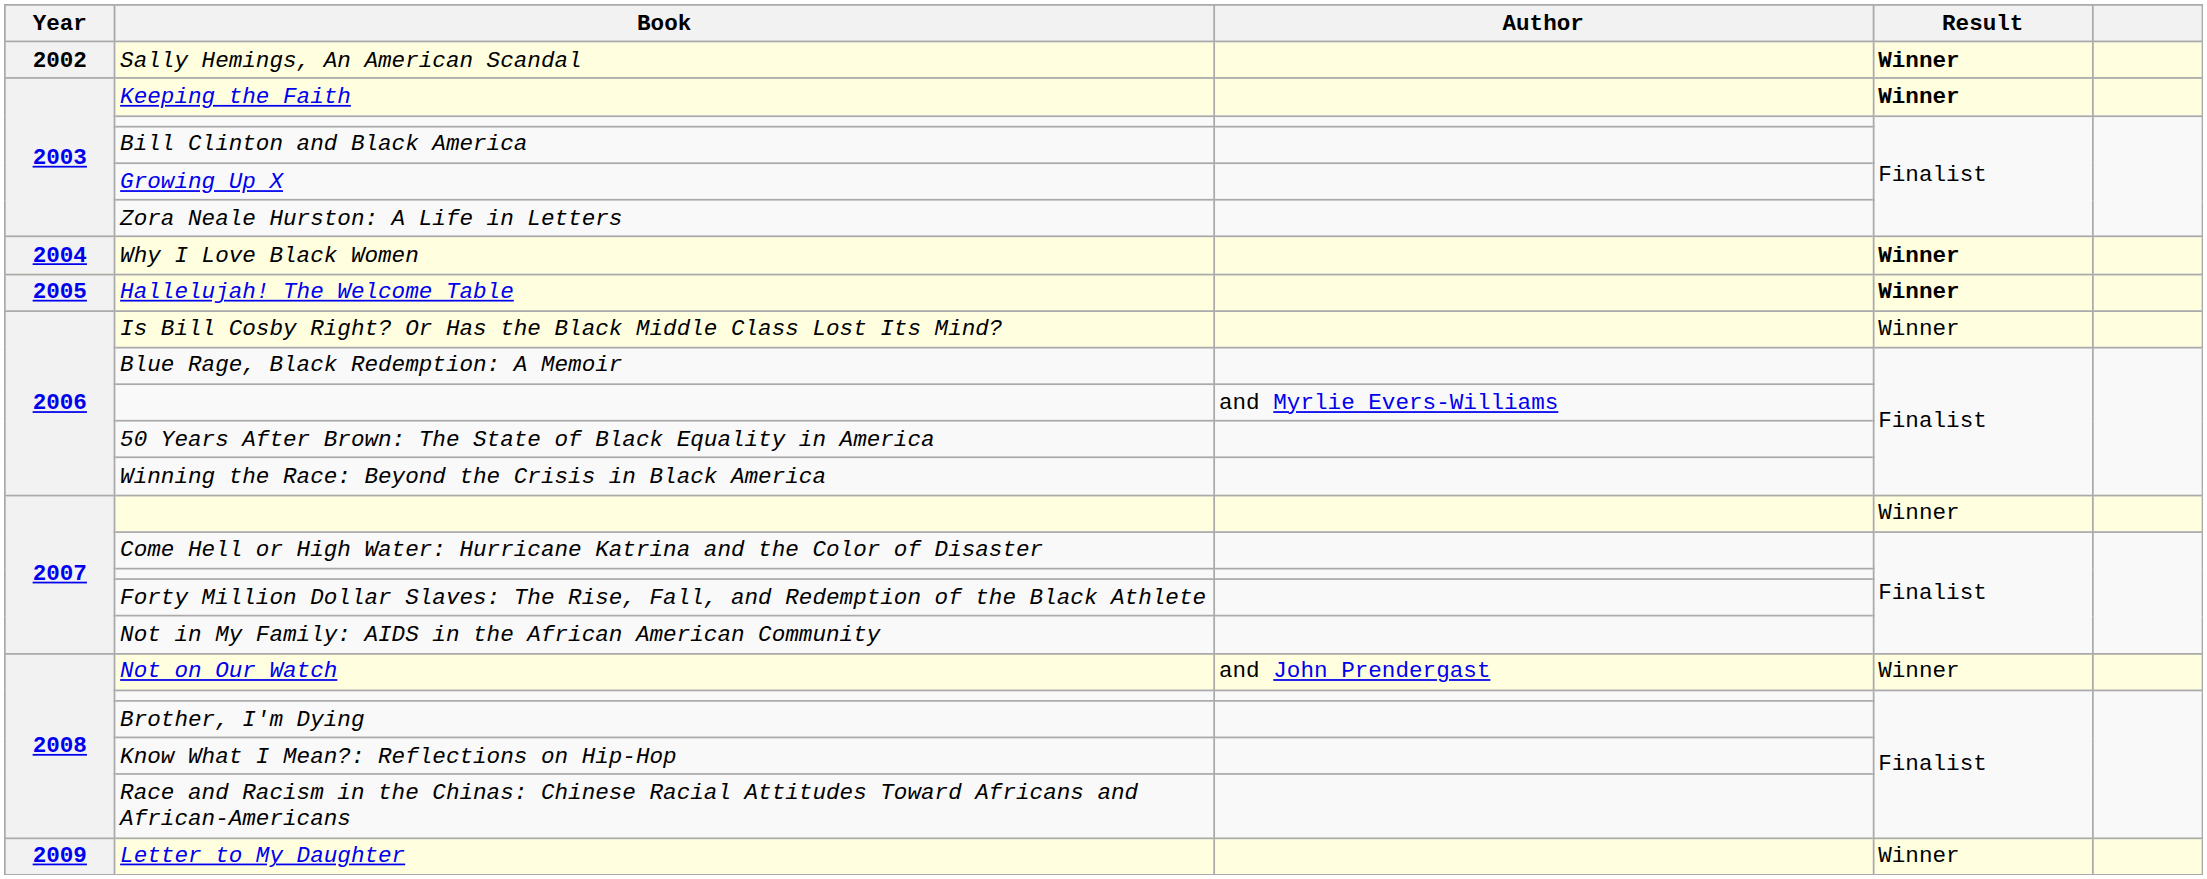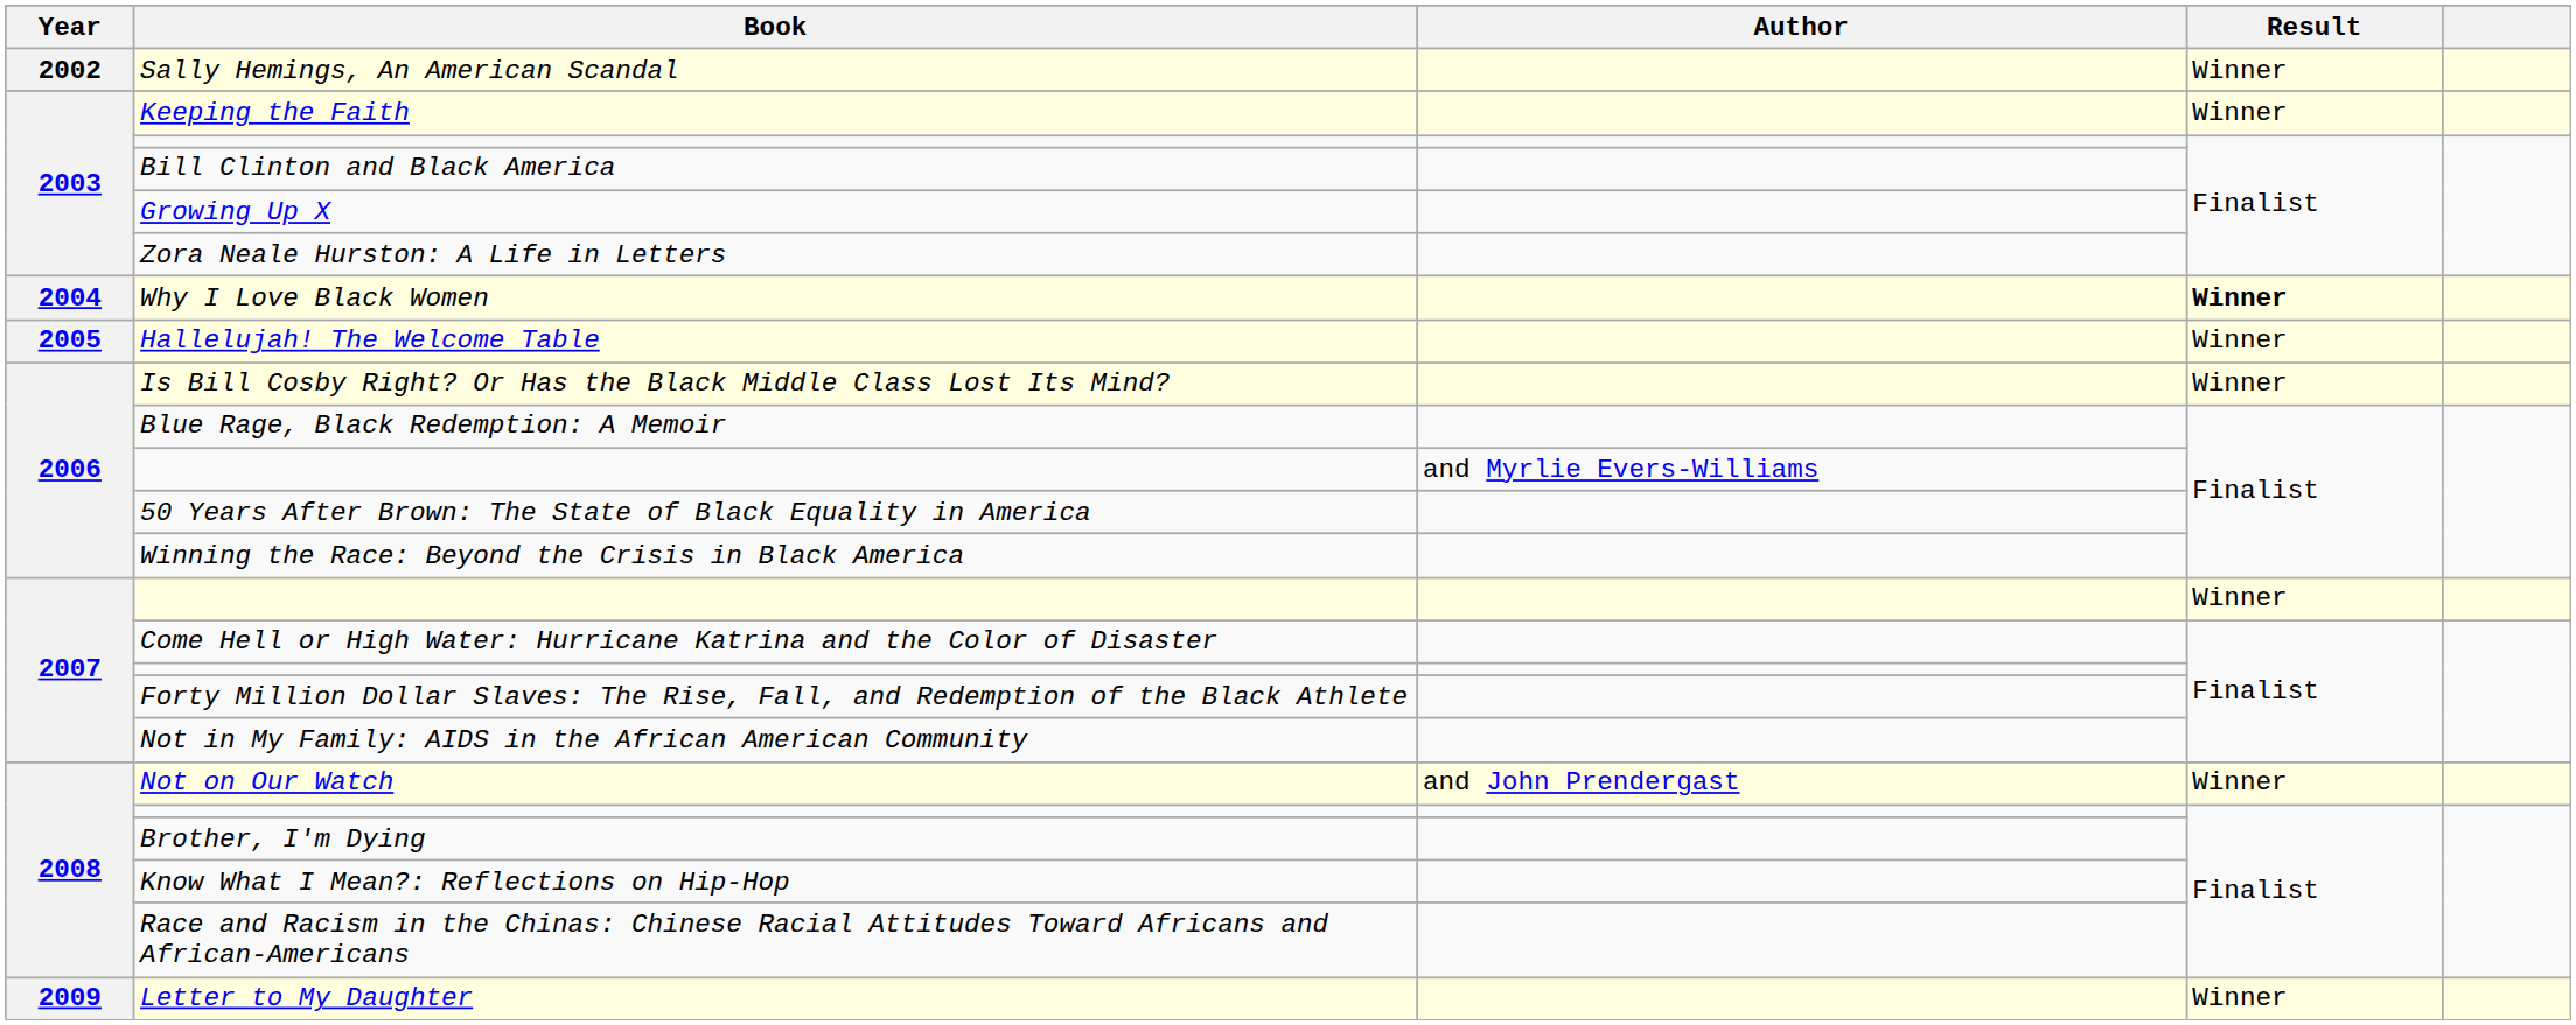 <table class="wikitable sortable mw-collapsible" style="width:100%;">
 <tr style="background:#bebebe;">
 <th scope="col"  width="5%">Year</th>
 <th scope="col"  width="50%">Book</th>
 <th scope="col"  width="30%">Author</th>
 <th scope="col" width="10%">Result</th>
 <th scope="col"  width="5%"></th>
 </tr>
 <tr style=background:lightyellow>
 <th>2002</th>
 <td><em>Sally Hemings, An American Scandal</em></td>
 <td></td>
-<td><strong>Winner</strong></td>
+<td>Winner</td>
 <td></td>
 </tr>
 <tr style=background:lightyellow>
 <th rowspan="5"><a href='#'>2003</a></th>
 <td><em><a href='#'>Keeping the Faith</a></em></td>
 <td></td>
-<td><strong>Winner</strong></td>
+<td>Winner</td>
 <td></td>
 </tr>
 <tr>
 <td></td>
 <td></td>
 <td rowspan="4">Finalist</td>
 <td rowspan="4"></td>
 </tr>
 <tr>
 <td><em>Bill Clinton and Black America</em></td>
 <td></td>
 </tr>
 <tr>
 <td><em><a href='#'>Growing Up X</a></em></td>
 <td></td>
 </tr>
 <tr>
 <td><em>Zora Neale Hurston: A Life in Letters</em></td>
 <td></td>
 </tr>
 <tr style=background:lightyellow>
 <th><a href='#'>2004</a></th>
 <td><em>Why I Love Black Women</em></td>
 <td></td>
 <td><strong>Winner</strong></td>
 <td></td>
 </tr>
 <tr style=background:lightyellow>
 <th><a href='#'>2005</a></th>
 <td><em><a href='#'>Hallelujah! The Welcome Table</a></em></td>
 <td></td>
-<td><strong>Winner</strong></td>
+<td>Winner</td>
 <td></td>
 </tr>
 <tr style=background:lightyellow>
 <th rowspan="5"><a href='#'>2006</a></th>
 <td><em>Is Bill Cosby Right? Or Has the Black Middle Class Lost Its Mind?</em></td>
 <td></td>
 <td>Winner</td>
 <td></td>
 </tr>
 <tr>
 <td><em>Blue Rage, Black Redemption: A Memoir</em></td>
 <td></td>
 <td rowspan="4">Finalist</td>
 <td rowspan="4"></td>
 </tr>
 <tr>
 <td></td>
 <td> and <a href='#'>Myrlie Evers-Williams</a></td>
 </tr>
 <tr>
 <td><em>50 Years After Brown: The State of Black Equality in America</em></td>
 <td></td>
 </tr>
 <tr>
 <td><em>Winning the Race: Beyond the Crisis in Black America</em></td>
 <td></td>
 </tr>
 <tr style=background:lightyellow>
 <th rowspan="5"><a href='#'>2007</a></th>
 <td></td>
 <td></td>
 <td>Winner</td>
 <td></td>
 </tr>
 <tr>
 <td><em>Come Hell or High Water: Hurricane Katrina and the Color of Disaster</em></td>
 <td></td>
 <td rowspan="4">Finalist</td>
 <td rowspan="4"></td>
 </tr>
 <tr>
 <td></td>
 <td></td>
 </tr>
 <tr>
 <td><em>Forty Million Dollar Slaves: The Rise, Fall, and Redemption of the Black Athlete</em></td>
 <td></td>
 </tr>
 <tr>
 <td><em>Not in My Family: AIDS in the African American Community</em></td>
 <td></td>
 </tr>
 <tr style=background:lightyellow>
 <th rowspan="5"><a href='#'>2008</a></th>
 <td><em><a href='#'>Not on Our Watch</a></em></td>
 <td> and <a href='#'>John Prendergast</a></td>
 <td>Winner</td>
 <td></td>
 </tr>
 <tr>
 <td></td>
 <td></td>
 <td rowspan="4">Finalist</td>
 <td rowspan="4"></td>
 </tr>
 <tr>
 <td><em>Brother, I'm Dying</em></td>
 <td></td>
 </tr>
 <tr>
 <td><em>Know What I Mean?: Reflections on Hip-Hop</em></td>
 <td></td>
 </tr>
 <tr>
 <td><em>Race and Racism in the Chinas: Chinese Racial Attitudes Toward Africans and African-Americans</em></td>
 <td></td>
 </tr>
 <tr style=background:lightyellow>
 <th><a href='#'>2009</a></th>
 <td><em><a href='#'>Letter to My Daughter</a></em></td>
 <td></td>
 <td>Winner</td>
 <td></td>
 </tr>
 </table>
